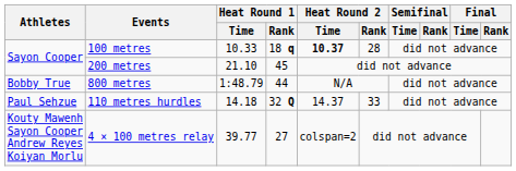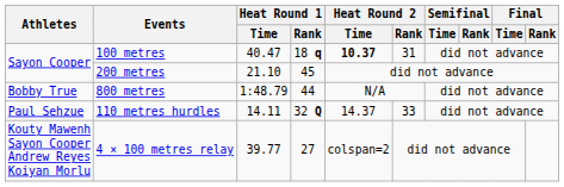 <table class=wikitable style=font-size:90%>
 <tr>
 <th rowspan=2>Athletes</th>
 <th rowspan=2>Events</th>
 <th colspan=2>Heat Round 1</th>
 <th colspan=2>Heat Round 2</th>
 <th colspan=2>Semifinal</th>
 <th colspan=2>Final</th>
 </tr>
 <tr>
 <th>Time</th>
 <th>Rank</th>
 <th>Time</th>
 <th>Rank</th>
 <th>Time</th>
 <th>Rank</th>
 <th>Time</th>
 <th>Rank</th>
 </tr>
 <tr>
 <td rowspan=2><a href='#'>Sayon Cooper</a></td>
 <td><a href='#'>100 metres</a></td>
-<td align=center>10.33</td>
+<td align=center>40.47</td>
 <td align=center>18 <strong>q</strong></td>
 <td align=center><strong>10.37</strong></td>
-<td align=center>28</td>
+<td align=center>31</td>
 <td align=center colspan=4>did not advance</td>
 </tr>
 <tr>
 <td><a href='#'>200 metres</a></td>
 <td align=center>21.10</td>
 <td align=center>45</td>
 <td align=center colspan=6>did not advance</td>
 </tr>
 <tr>
 <td><a href='#'>Bobby True</a></td>
 <td><a href='#'>800 metres</a></td>
 <td align=center>1:48.79</td>
 <td align=center>44</td>
 <td align=center colspan=2>N/A</td>
 <td align=center colspan=4>did not advance</td>
 </tr>
 <tr>
 <td><a href='#'>Paul Sehzue</a></td>
 <td><a href='#'>110 metres hurdles</a></td>
-<td align=center>14.18</td>
+<td align=center>14.11</td>
 <td align=center>32 <strong>Q</strong></td>
 <td align=center>14.37</td>
 <td align=center>33</td>
 <td align=center colspan=4>did not advance</td>
 </tr>
 <tr>
 <td><a href='#'>Kouty Mawenh</a><br><a href='#'>Sayon Cooper</a><br><a href='#'>Andrew Reyes</a><br><a href='#'>Koiyan Morlu</a></td>
 <td><a href='#'>4 × 100 metres relay</a></td>
 <td align=center>39.77</td>
 <td align=center>27</td>
 <td>colspan=2</td>
 <td align=center colspan=4>did not advance</td>
 </tr>
 </table>
